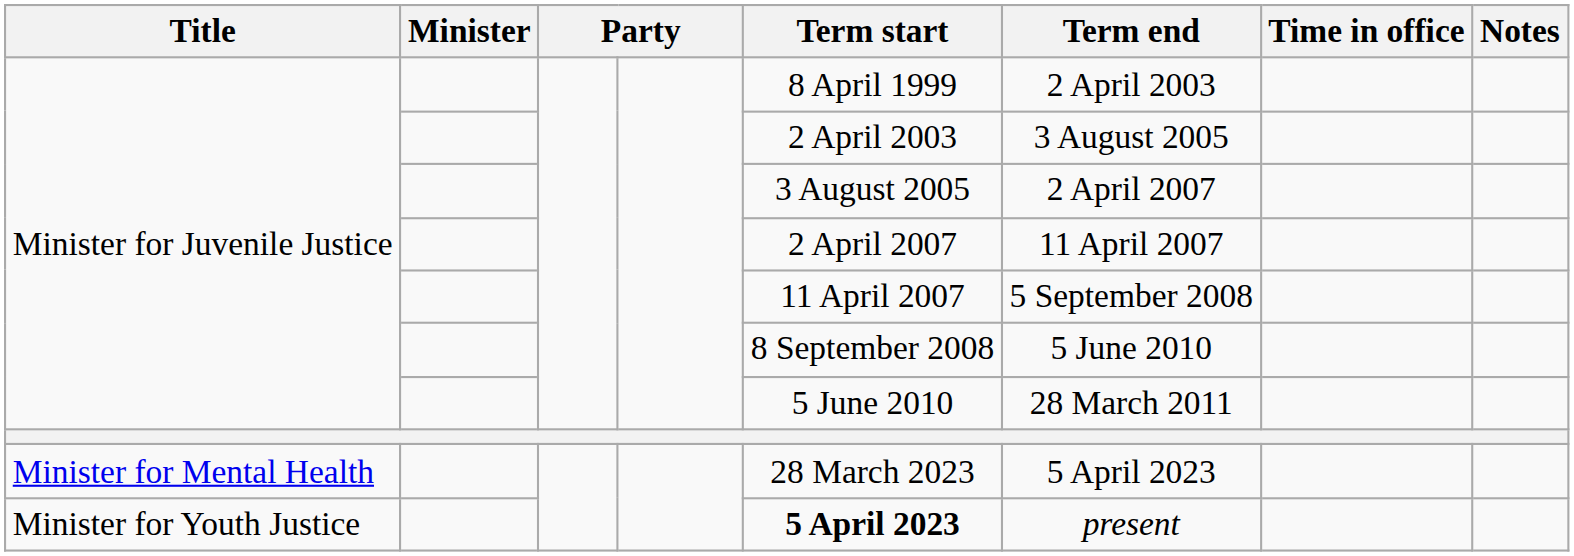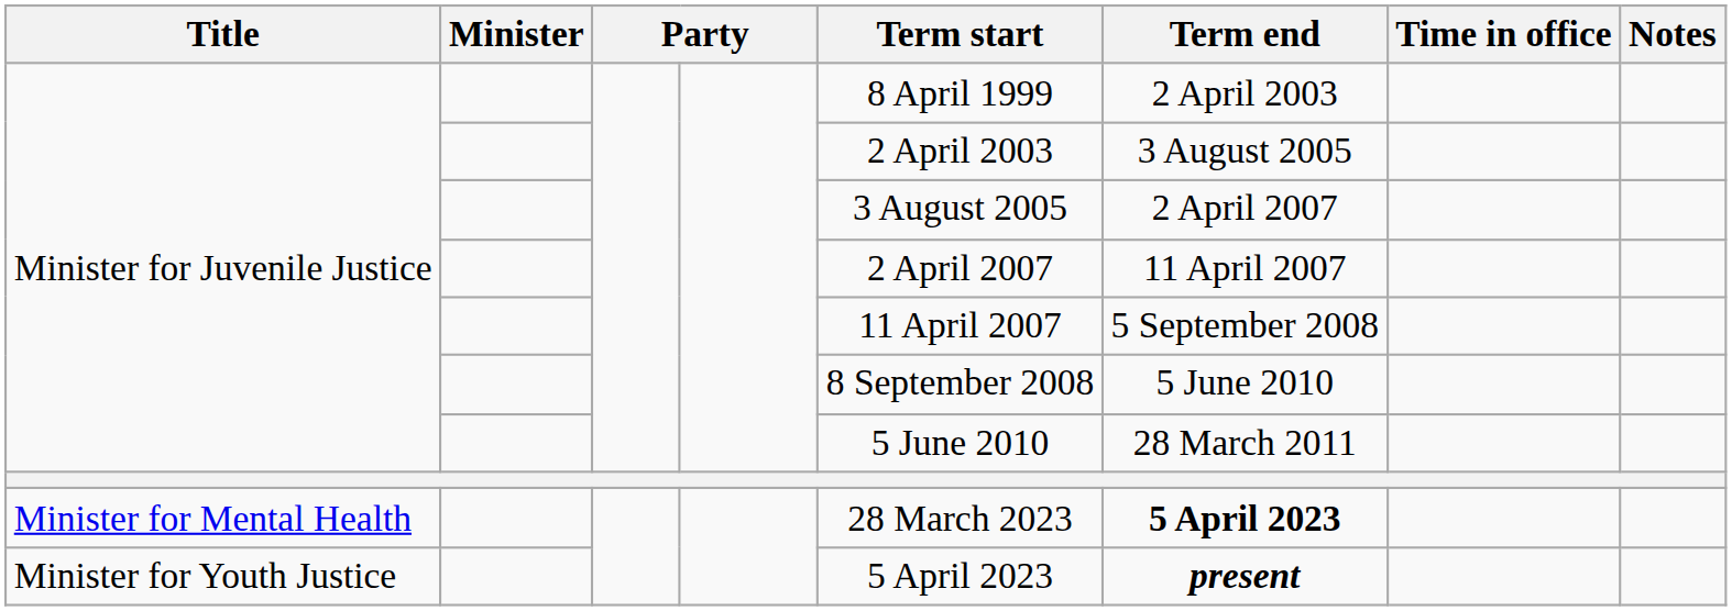 <table class="wikitable sortable">
 <tr>
 <th>Title</th>
 <th>Minister</th>
 <th colspan="2">Party</th>
 <th data-sort-type="date">Term start</th>
 <th data-sort-type=date>Term end</th>
 <th>Time in office</th>
 <th class="unsortable">Notes</th>
 </tr>
 <tr>
 <td rowspan=7>Minister for Juvenile Justice</td>
 <td></td>
 <td rowspan=7 > </td>
 <td rowspan=7 width=8%></td>
 <td align=center>8 April 1999</td>
 <td align=center>2 April 2003</td>
 <td align=right><strong></strong></td>
 <td></td>
 </tr>
 <tr>
 <td></td>
 <td align=center>2 April 2003</td>
 <td align=center>3 August 2005</td>
 <td align=right></td>
 <td></td>
 </tr>
 <tr>
 <td></td>
 <td align=center>3 August 2005</td>
 <td align=center>2 April 2007</td>
 <td align=right></td>
 <td></td>
 </tr>
 <tr>
 <td></td>
 <td align=center>2 April 2007</td>
 <td align=center>11 April 2007</td>
 <td align=right></td>
 <td></td>
 </tr>
 <tr>
 <td></td>
 <td align=center>11 April 2007</td>
 <td align=center>5 September 2008</td>
 <td align=right></td>
 <td></td>
 </tr>
 <tr>
 <td></td>
 <td align=center>8 September 2008</td>
 <td align=center>5 June 2010</td>
 <td align=right></td>
 <td></td>
 </tr>
 <tr>
 <td></td>
 <td align=center>5 June 2010</td>
 <td align=center>28 March 2011</td>
 <td align=right></td>
 <td></td>
 </tr>
 <tr>
 <th colspan="9"></th>
 </tr>
 <tr>
 <td><a href='#'>Minister for Mental Health</a></td>
 <td></td>
 <td rowspan=2 > </td>
 <td rowspan=2 width=8%></td>
 <td align="center">28 March 2023</td>
-<td align="center">5 April 2023</td>
+<td align="center"><strong>5 April 2023</strong></td>
 <td align="right"></td>
 <td></td>
 </tr>
 <tr>
 <td>Minister for Youth Justice</td>
 <td></td>
-<td align="center"><strong>5 April 2023</strong></td>
-<td align="center"><em>present</em></td>
+<td align="center">5 April 2023</td>
+<td align="center"><strong><em>present</em></strong></td>
 <td align="right"></td>
 <td></td>
 </tr>
 </table>
